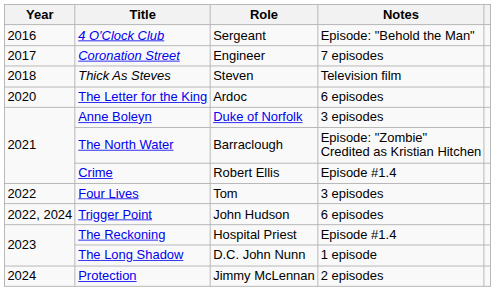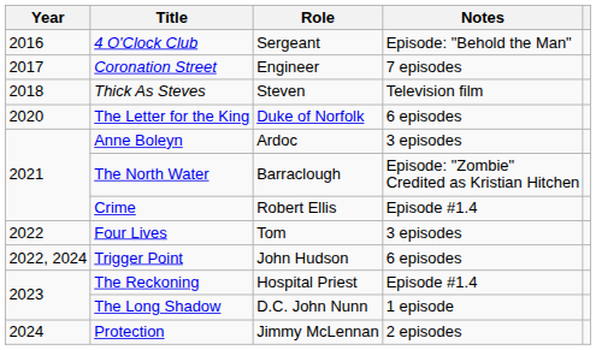 <table class="wikitable">
 <tr>
 <th>Year</th>
 <th>Title</th>
 <th>Role</th>
 <th>Notes</th>
 <th></th>
 </tr>
 <tr>
 <td>2016</td>
 <td><em><a href='#'>4 O'Clock Club</a></em></td>
 <td>Sergeant</td>
 <td>Episode: "Behold the Man"</td>
 <td></td>
 </tr>
 <tr>
 <td>2017</td>
 <td><em><a href='#'>Coronation Street</a></em></td>
 <td>Engineer</td>
 <td>7 episodes</td>
 <td></td>
 </tr>
 <tr>
 <td>2018</td>
 <td><em>Thick As Steves<strong></td>
 <td>Steven</td>
 <td>Television film</td>
 <td></td>
 </tr>
 <tr>
 <td>2020</td>
 <td></em><a href='#'>The Letter for the King</a><em></td>
-<td>Ardoc</td>
+<td><a href='#'>Duke of Norfolk</a></td>
 <td>6 episodes</td>
 <td></td>
 </tr>
 <tr>
 <td rowspan="3">2021</td>
 <td></em><a href='#'>Anne Boleyn</a><em></td>
-<td><a href='#'>Duke of Norfolk</a></td>
+<td>Ardoc</td>
 <td>3 episodes</td>
 <td></td>
 </tr>
 <tr>
 <td></em><a href='#'>The North Water</a><em></td>
 <td>Barraclough</td>
 <td>Episode: "Zombie"<br>Credited as Kristian Hitchen</td>
 <td></td>
 </tr>
 <tr>
 <td></em><a href='#'>Crime</a><em></td>
 <td>Robert Ellis</td>
 <td>Episode #1.4</td>
 <td></td>
 </tr>
 <tr>
 <td>2022</td>
 <td></em><a href='#'>Four Lives</a><em></td>
 <td>Tom</td>
 <td>3 episodes</td>
 <td></td>
 </tr>
 <tr>
 <td>2022, 2024</td>
 <td></em><a href='#'>Trigger Point</a><em></td>
 <td>John Hudson</td>
 <td>6 episodes</td>
 <td></td>
 </tr>
 <tr>
 <td rowspan="2">2023</td>
 <td></em><a href='#'>The Reckoning</a><em></td>
 <td>Hospital Priest</td>
 <td>Episode #1.4</td>
 <td></td>
 </tr>
 <tr>
 <td></em><a href='#'>The Long Shadow</a><em></td>
 <td>D.C. John Nunn</td>
 <td>1 episode</td>
 <td></td>
 </tr>
 <tr>
 <td>2024</td>
 <td></em><a href='#'>Protection</a><em></td>
 <td>Jimmy McLennan</td>
 <td>2 episodes</td>
 <td></td>
 </tr>
 </table>
